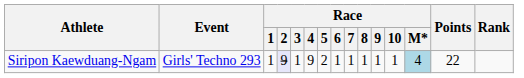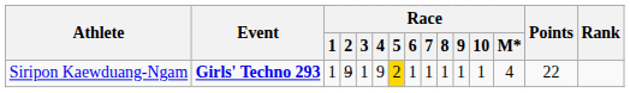 <table class="wikitable" border="1" style="font-size:90%">
 <tr>
 <th rowspan=2>Athlete</th>
 <th rowspan=2>Event</th>
 <th colspan=11>Race</th>
 <th rowspan=2>Points</th>
 <th rowspan=2>Rank</th>
 </tr>
 <tr>
 <th>1</th>
 <th>2</th>
 <th>3</th>
 <th>4</th>
 <th>5</th>
 <th>6</th>
 <th>7</th>
 <th>8</th>
 <th>9</th>
 <th>10</th>
 <th>M*</th>
 </tr>
 <tr>
 <td><a href='#'>Siripon Kaewduang-Ngam</a></td>
-<td><a href='#'>Girls' Techno 293</a></td>
+<td><strong><a href='#'>Girls' Techno 293</a></strong></td>
 <td align=center>1</td>
-<td align=center style="background: lavender;"><s>9</s></td>
+<td align=center><s>9</s></td>
 <td align=center>1</td>
 <td align=center>9</td>
-<td align=center>2</td>
+<td align=center style="background: gold;">2</td>
 <td align=center>1</td>
 <td align=center>1</td>
 <td align=center>1</td>
 <td align=center>1</td>
 <td align=center>1</td>
-<td align=center style="background: lightblue;">4</td>
+<td align=center>4</td>
 <td align=center>22</td>
 <td align=center></td>
 </tr>
 </table>
